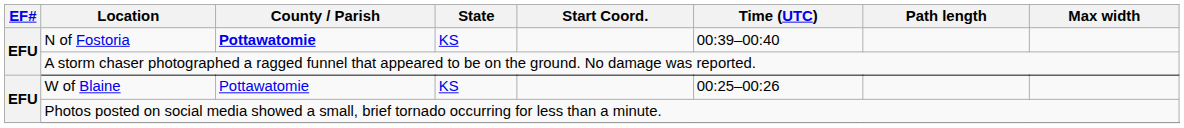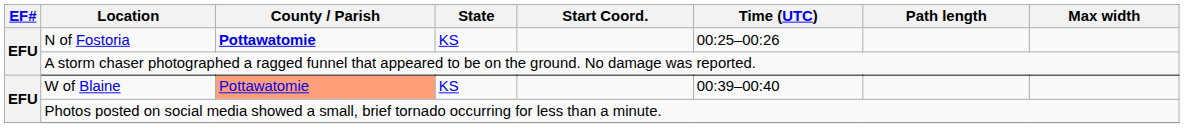 <table class="wikitable sortable" style="width:100%;">
 <tr>
 <th scope="col" width="2%" align="center"><a href='#'>EF#</a></th>
 <th scope="col" align="center" class="unsortable">Location</th>
 <th scope="col" align="center" class="unsortable">County / Parish</th>
 <th scope="col" align="center">State</th>
 <th scope="col" align="center">Start Coord.</th>
 <th scope="col" align="center">Time (<a href='#'>UTC</a>)</th>
 <th scope="col" align="center">Path length</th>
 <th scope="col" align="center">Max width</th>
 </tr>
 <tr>
 <th scope="row" rowspan="2" style="background-color:#">EFU</th>
 <td>N of <a href='#'>Fostoria</a></td>
 <td><strong><a href='#'>Pottawatomie</a></strong></td>
 <td><a href='#'>KS</a></td>
 <td></td>
-<td>00:39–00:40</td>
+<td>00:25–00:26</td>
 <td></td>
 <td></td>
 </tr>
 <tr class="expand-child">
 <td colspan="8" style=" border-bottom: 1px solid black;">A storm chaser photographed a ragged funnel that appeared to be on the ground. No damage was reported.</td>
 </tr>
 <tr>
 <th scope="row" rowspan="2" style="background-color:#">EFU</th>
 <td>W of <a href='#'>Blaine</a></td>
-<td><a href='#'>Pottawatomie</a></td>
+<td style="background: lightsalmon;"><a href='#'>Pottawatomie</a></td>
 <td><a href='#'>KS</a></td>
 <td></td>
-<td>00:25–00:26</td>
+<td>00:39–00:40</td>
 <td></td>
 <td></td>
 </tr>
 <tr class="expand-child">
 <td colspan="8" style=" border-bottom: 1px solid black;">Photos posted on social media showed a small, brief tornado occurring for less than a minute.</td>
 </tr>
 <tr>
 </tr>
 </table>
